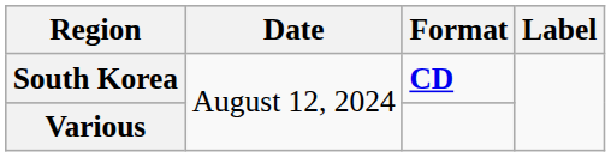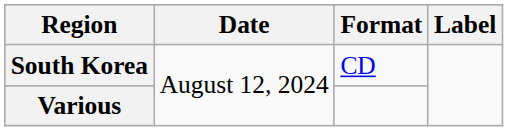 <table class="wikitable plainrowheaders">
 <tr>
 <th scope="col">Region</th>
 <th scope="col">Date</th>
 <th scope="col">Format</th>
 <th scope="col">Label</th>
 </tr>
 <tr>
 <th scope="row">South Korea</th>
 <td rowspan="2">August 12, 2024</td>
-<td><strong><a href='#'>CD</a></strong></td>
+<td><a href='#'>CD</a></td>
 <td rowspan="2"></td>
 </tr>
 <tr>
 <th scope="row">Various </th>
 <td></td>
 </tr>
 </table>
